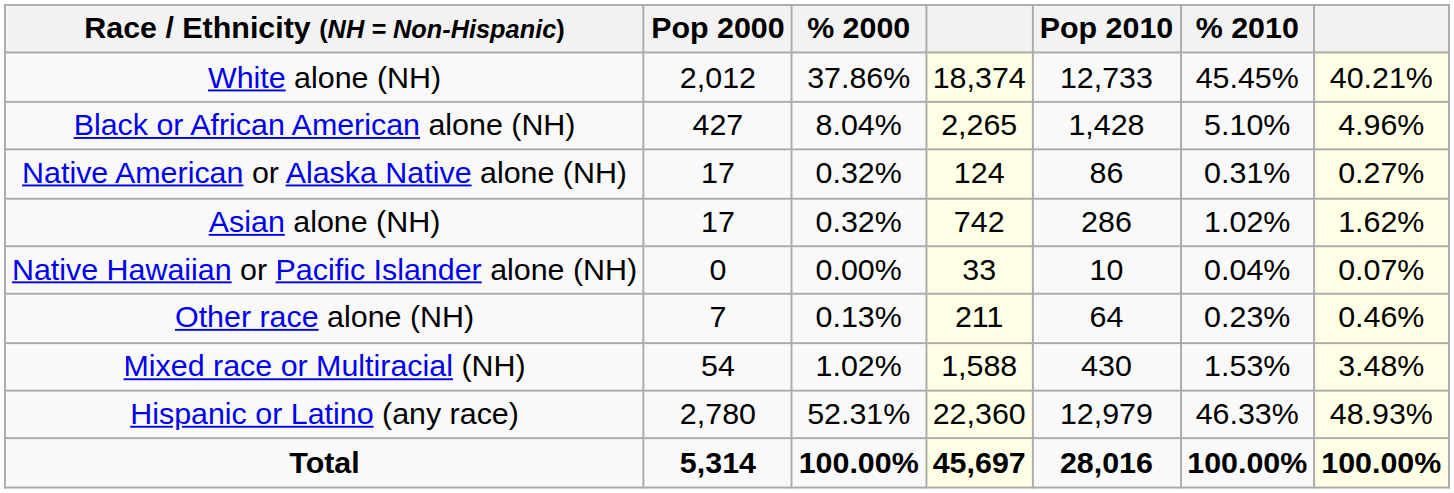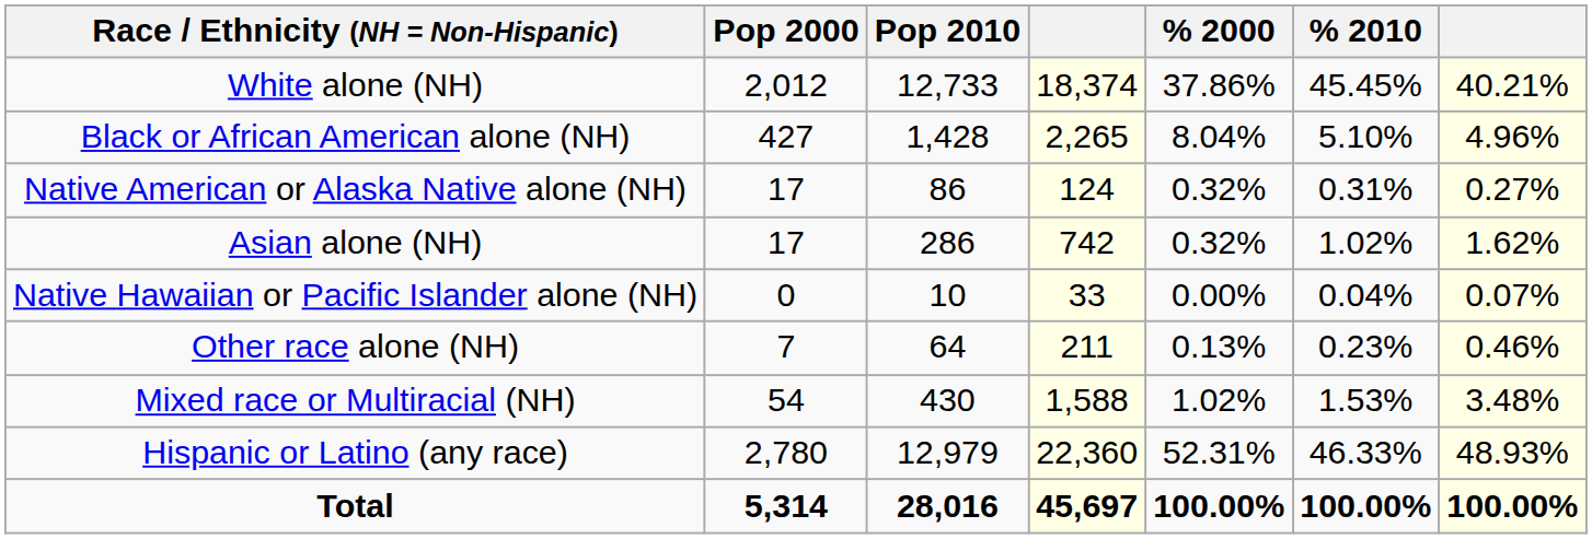 <table class="wikitable" style="text-align:center;">
 <tr>
 <th>Race / Ethnicity <small>(<em>NH = Non-Hispanic</em>)</small></th>
 <th>Pop 2000</th>
+<th>Pop 2010</th>
+<th></th>
 <th>% 2000</th>
-<th></th>
-<th>Pop 2010</th>
 <th>% 2010</th>
 <th></th>
 </tr>
 <tr>
 <td><a href='#'>White</a> alone (NH)</td>
 <td>2,012</td>
+<td>12,733</td>
+<td style='background: #ffffe6;'>18,374</td>
 <td>37.86%</td>
-<td style='background: #ffffe6;'>18,374</td>
-<td>12,733</td>
 <td>45.45%</td>
 <td style='background: #ffffe6;'>40.21%</td>
 </tr>
 <tr>
 <td><a href='#'>Black or African American</a> alone (NH)</td>
 <td>427</td>
+<td>1,428</td>
+<td style='background: #ffffe6;'>2,265</td>
 <td>8.04%</td>
-<td style='background: #ffffe6;'>2,265</td>
-<td>1,428</td>
 <td>5.10%</td>
 <td style='background: #ffffe6;'>4.96%</td>
 </tr>
 <tr>
 <td><a href='#'>Native American</a> or <a href='#'>Alaska Native</a> alone (NH)</td>
 <td>17</td>
+<td>86</td>
+<td style='background: #ffffe6;'>124</td>
 <td>0.32%</td>
-<td style='background: #ffffe6;'>124</td>
-<td>86</td>
 <td>0.31%</td>
 <td style='background: #ffffe6;'>0.27%</td>
 </tr>
 <tr>
 <td><a href='#'>Asian</a> alone (NH)</td>
 <td>17</td>
+<td>286</td>
+<td style='background: #ffffe6;'>742</td>
 <td>0.32%</td>
-<td style='background: #ffffe6;'>742</td>
-<td>286</td>
 <td>1.02%</td>
 <td style='background: #ffffe6;'>1.62%</td>
 </tr>
 <tr>
 <td><a href='#'>Native Hawaiian</a> or <a href='#'>Pacific Islander</a> alone (NH)</td>
 <td>0</td>
+<td>10</td>
+<td style='background: #ffffe6;'>33</td>
 <td>0.00%</td>
-<td style='background: #ffffe6;'>33</td>
-<td>10</td>
 <td>0.04%</td>
 <td style='background: #ffffe6;'>0.07%</td>
 </tr>
 <tr>
 <td><a href='#'>Other race</a> alone (NH)</td>
 <td>7</td>
+<td>64</td>
+<td style='background: #ffffe6;'>211</td>
 <td>0.13%</td>
-<td style='background: #ffffe6;'>211</td>
-<td>64</td>
 <td>0.23%</td>
 <td style='background: #ffffe6;'>0.46%</td>
 </tr>
 <tr>
 <td><a href='#'>Mixed race or Multiracial</a> (NH)</td>
 <td>54</td>
+<td>430</td>
+<td style='background: #ffffe6;'>1,588</td>
 <td>1.02%</td>
-<td style='background: #ffffe6;'>1,588</td>
-<td>430</td>
 <td>1.53%</td>
 <td style='background: #ffffe6;'>3.48%</td>
 </tr>
 <tr>
 <td><a href='#'>Hispanic or Latino</a> (any race)</td>
 <td>2,780</td>
+<td>12,979</td>
+<td style='background: #ffffe6;'>22,360</td>
 <td>52.31%</td>
-<td style='background: #ffffe6;'>22,360</td>
-<td>12,979</td>
 <td>46.33%</td>
 <td style='background: #ffffe6;'>48.93%</td>
 </tr>
 <tr>
 <td><strong>Total</strong></td>
 <td><strong>5,314</strong></td>
+<td><strong>28,016</strong></td>
+<td style='background: #ffffe6;'><strong>45,697</strong></td>
 <td><strong>100.00%</strong></td>
-<td style='background: #ffffe6;'><strong>45,697</strong></td>
-<td><strong>28,016</strong></td>
 <td><strong>100.00%</strong></td>
 <td style='background: #ffffe6;'><strong>100.00%</strong></td>
 </tr>
 </table>
